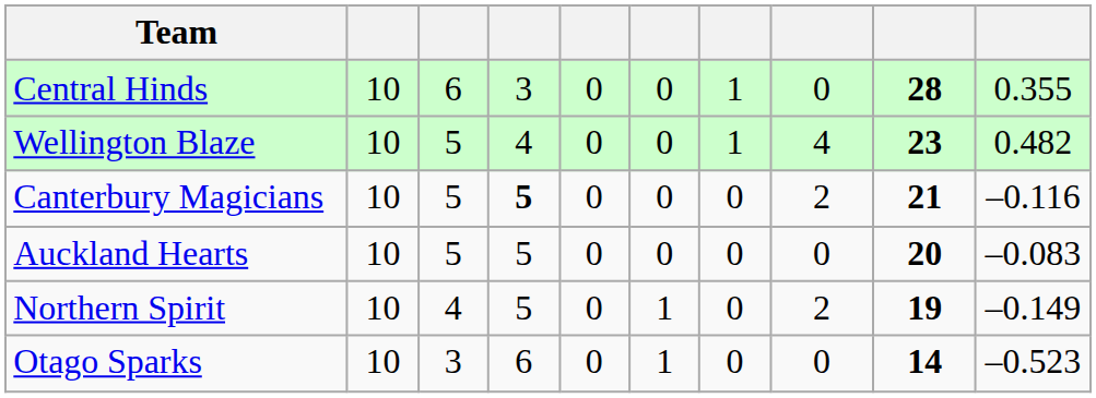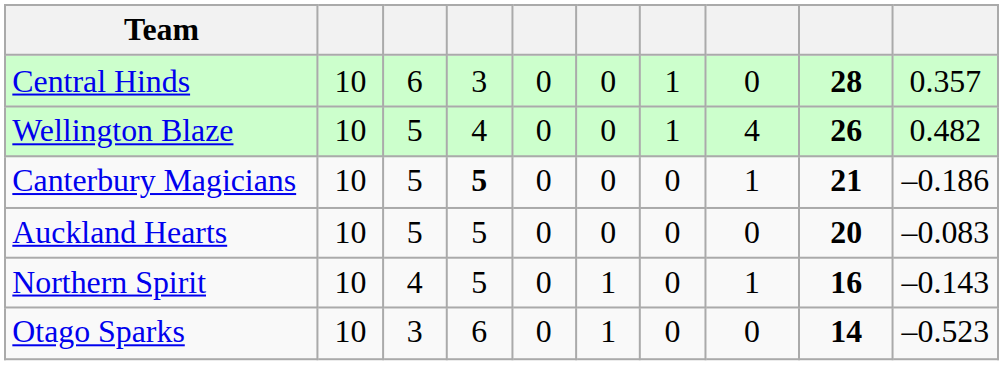 <table class="wikitable" style="text-align:center">
 <tr>
 <th width="150">Team</th>
 <th width="25"></th>
 <th width="25"></th>
 <th width="25"></th>
 <th width="25"></th>
 <th width="25"></th>
 <th width="25"></th>
 <th width="40"></th>
 <th width="40"></th>
 <th width="45"></th>
 </tr>
 <tr style="background:#cfc">
 <td style="text-align:left"><a href='#'>Central Hinds</a></td>
 <td>10</td>
 <td>6</td>
 <td>3</td>
 <td>0</td>
 <td>0</td>
 <td>1</td>
 <td>0</td>
 <td><strong>28</strong></td>
-<td>0.355</td>
+<td>0.357</td>
 </tr>
 <tr style="background:#cfc">
 <td style="text-align:left"><a href='#'>Wellington Blaze</a></td>
 <td>10</td>
 <td>5</td>
 <td>4</td>
 <td>0</td>
 <td>0</td>
 <td>1</td>
 <td>4</td>
-<td><strong>23</strong></td>
+<td><strong>26</strong></td>
 <td>0.482</td>
 </tr>
 <tr>
 <td style="text-align:left"><a href='#'>Canterbury Magicians</a></td>
 <td>10</td>
 <td>5</td>
 <td><strong>5</strong></td>
 <td>0</td>
 <td>0</td>
 <td>0</td>
-<td>2</td>
+<td>1</td>
 <td><strong>21</strong></td>
-<td>–0.116</td>
+<td>–0.186</td>
 </tr>
 <tr>
 <td style="text-align:left"><a href='#'>Auckland Hearts</a></td>
 <td>10</td>
 <td>5</td>
 <td>5</td>
 <td>0</td>
 <td>0</td>
 <td>0</td>
 <td>0</td>
 <td><strong>20</strong></td>
 <td>–0.083</td>
 </tr>
 <tr>
 <td style="text-align:left"><a href='#'>Northern Spirit</a></td>
 <td>10</td>
 <td>4</td>
 <td>5</td>
 <td>0</td>
 <td>1</td>
 <td>0</td>
-<td>2</td>
-<td><strong>19</strong></td>
-<td>–0.149</td>
+<td>1</td>
+<td><strong>16</strong></td>
+<td>–0.143</td>
 </tr>
 <tr>
 <td style="text-align:left"><a href='#'>Otago Sparks</a></td>
 <td>10</td>
 <td>3</td>
 <td>6</td>
 <td>0</td>
 <td>1</td>
 <td>0</td>
 <td>0</td>
 <td><strong>14</strong></td>
 <td>–0.523</td>
 </tr>
 </table>
